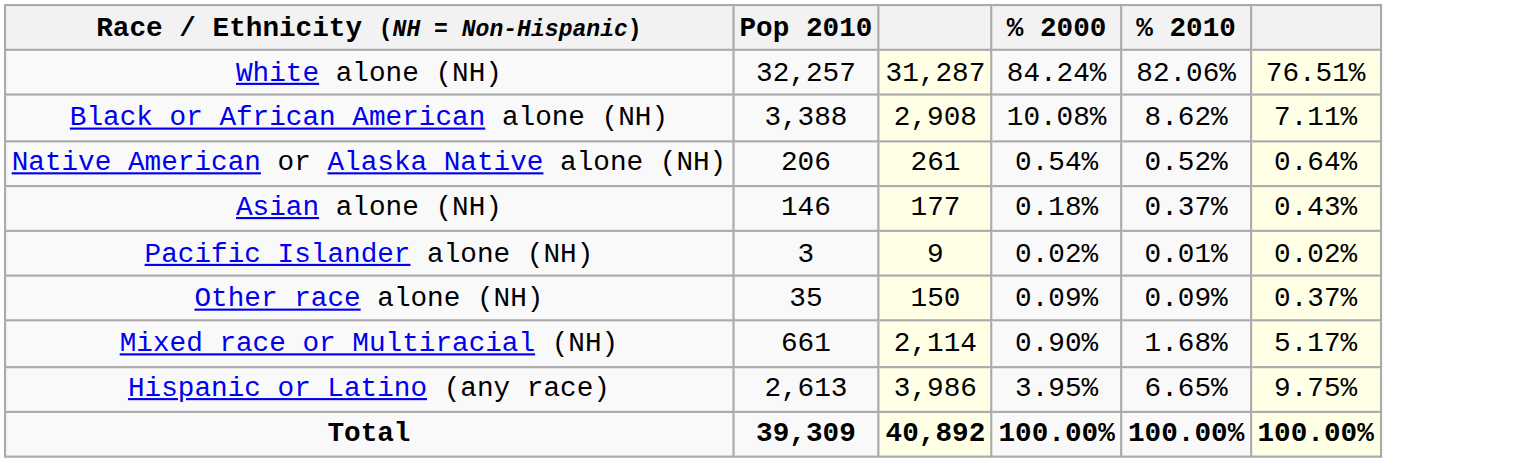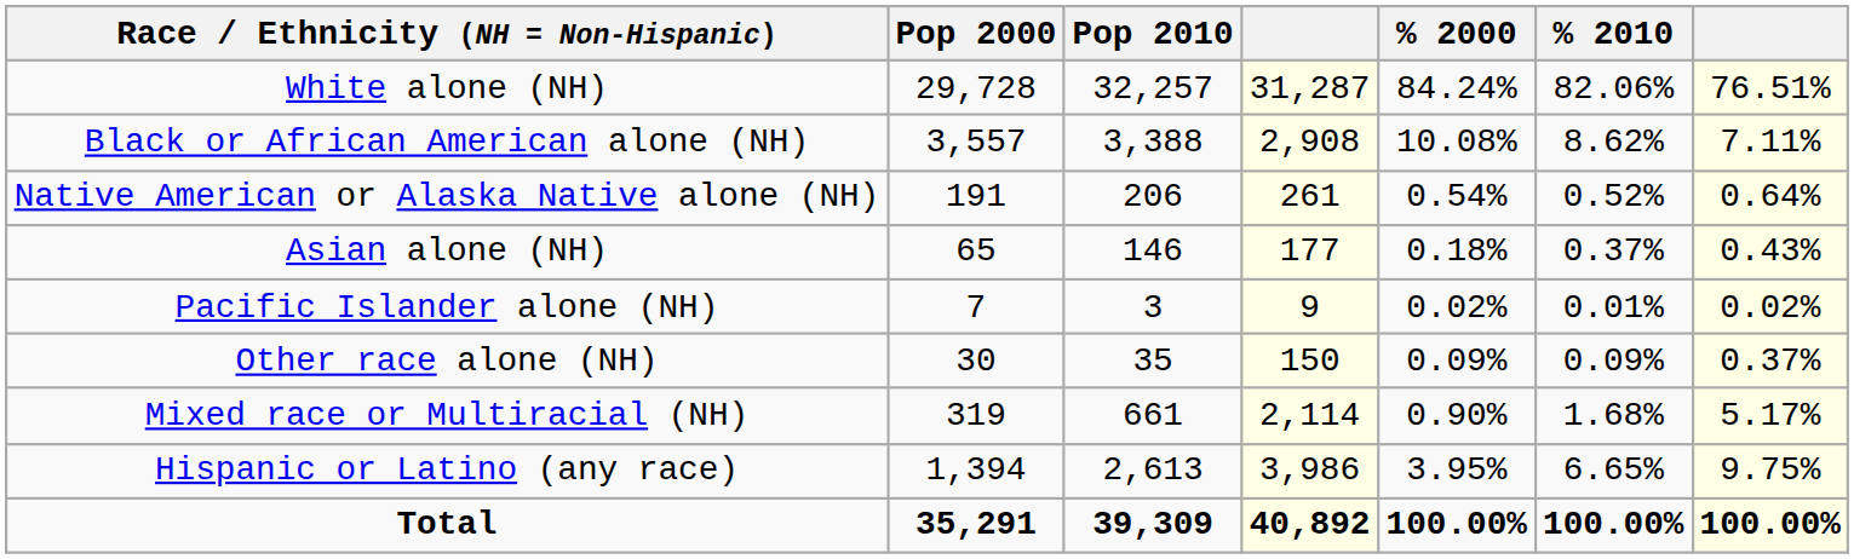 <table class="wikitable" style="text-align:center;">
 <tr>
 <th>Race / Ethnicity <small>(<em>NH = Non-Hispanic</em>)</small></th>
+<th>Pop 2000</th>
 <th>Pop 2010</th>
 <th></th>
 <th>% 2000</th>
 <th>% 2010</th>
 <th></th>
 </tr>
 <tr>
 <td><a href='#'>White</a> alone (NH)</td>
+<td>29,728</td>
 <td>32,257</td>
 <td style='background: #ffffe6;'>31,287</td>
 <td>84.24%</td>
 <td>82.06%</td>
 <td style='background: #ffffe6;'>76.51%</td>
 </tr>
 <tr>
 <td><a href='#'>Black or African American</a> alone (NH)</td>
+<td>3,557</td>
 <td>3,388</td>
 <td style='background: #ffffe6;'>2,908</td>
 <td>10.08%</td>
 <td>8.62%</td>
 <td style='background: #ffffe6;'>7.11%</td>
 </tr>
 <tr>
 <td><a href='#'>Native American</a> or <a href='#'>Alaska Native</a> alone (NH)</td>
+<td>191</td>
 <td>206</td>
 <td style='background: #ffffe6;'>261</td>
 <td>0.54%</td>
 <td>0.52%</td>
 <td style='background: #ffffe6;'>0.64%</td>
 </tr>
 <tr>
 <td><a href='#'>Asian</a> alone (NH)</td>
+<td>65</td>
 <td>146</td>
 <td style='background: #ffffe6;'>177</td>
 <td>0.18%</td>
 <td>0.37%</td>
 <td style='background: #ffffe6;'>0.43%</td>
 </tr>
 <tr>
 <td><a href='#'>Pacific Islander</a> alone (NH)</td>
+<td>7</td>
 <td>3</td>
 <td style='background: #ffffe6;'>9</td>
 <td>0.02%</td>
 <td>0.01%</td>
 <td style='background: #ffffe6;'>0.02%</td>
 </tr>
 <tr>
 <td><a href='#'>Other race</a> alone (NH)</td>
+<td>30</td>
 <td>35</td>
 <td style='background: #ffffe6;'>150</td>
 <td>0.09%</td>
 <td>0.09%</td>
 <td style='background: #ffffe6;'>0.37%</td>
 </tr>
 <tr>
 <td><a href='#'>Mixed race or Multiracial</a> (NH)</td>
+<td>319</td>
 <td>661</td>
 <td style='background: #ffffe6;'>2,114</td>
 <td>0.90%</td>
 <td>1.68%</td>
 <td style='background: #ffffe6;'>5.17%</td>
 </tr>
 <tr>
 <td><a href='#'>Hispanic or Latino</a> (any race)</td>
+<td>1,394</td>
 <td>2,613</td>
 <td style='background: #ffffe6;'>3,986</td>
 <td>3.95%</td>
 <td>6.65%</td>
 <td style='background: #ffffe6;'>9.75%</td>
 </tr>
 <tr>
 <td><strong>Total</strong></td>
+<td><strong>35,291</strong></td>
 <td><strong>39,309</strong></td>
 <td style='background: #ffffe6;'><strong>40,892</strong></td>
 <td><strong>100.00%</strong></td>
 <td><strong>100.00%</strong></td>
 <td style='background: #ffffe6;'><strong>100.00%</strong></td>
 </tr>
 </table>
